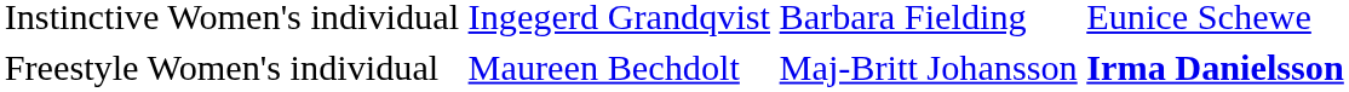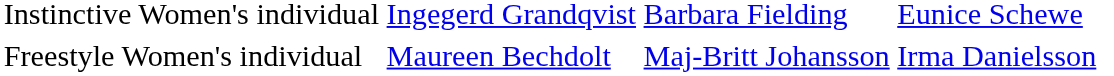 <table>
 <tr>
 <td>Instinctive Women's individual<br></td>
 <td> <a href='#'>Ingegerd Grandqvist</a></td>
 <td> <a href='#'>Barbara Fielding</a></td>
 <td> <a href='#'>Eunice Schewe</a></td>
 </tr>
 <tr>
 <td>Freestyle Women's individual<br></td>
 <td> <a href='#'>Maureen Bechdolt</a></td>
 <td> <a href='#'>Maj-Britt Johansson</a></td>
-<td><strong> <a href='#'>Irma Danielsson</a></strong></td>
+<td> <a href='#'>Irma Danielsson</a></td>
 </tr>
 </table>
